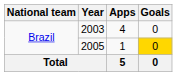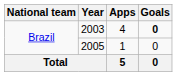 <table class="wikitable" style="text-align:center">
 <tr>
 <th>National team</th>
 <th>Year</th>
 <th>Apps</th>
 <th>Goals</th>
 </tr>
 <tr>
 <td rowspan="2"><a href='#'>Brazil</a></td>
 <td>2003</td>
 <td>4</td>
-<td>0</td>
+<td><strong>0</strong></td>
 </tr>
 <tr>
 <td>2005</td>
 <td>1</td>
-<td style="background: gold;">0</td>
+<td>0</td>
 </tr>
 <tr>
 <th colspan="2">Total</th>
 <th>5</th>
 <th>0</th>
 </tr>
 </table>
